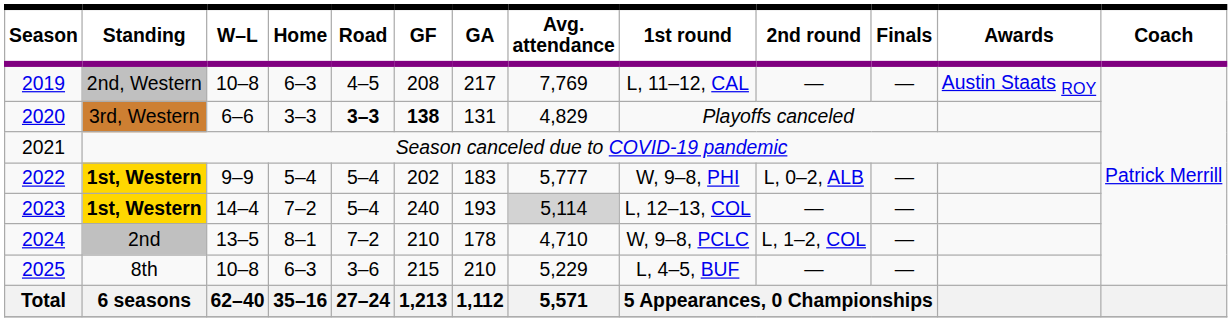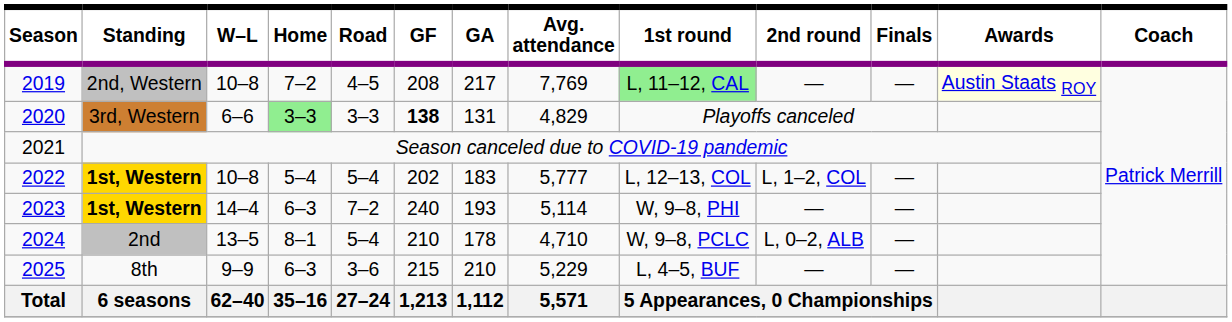 <table class="wikitable">
 <tr>
 <th style="background:#FFFFFF;border-top:black 5px solid;border-bottom:Purple 5px solid;">Season</th>
 <th style="background:#FFFFFF;border-top:black 5px solid;border-bottom:Purple 5px solid;">Standing</th>
 <th style="background:#FFFFFF;border-top:black 5px solid;border-bottom:Purple 5px solid;">W–L</th>
 <th style="background:#FFFFFF;border-top:black 5px solid;border-bottom:Purple 5px solid;">Home</th>
 <th style="background:#FFFFFF;border-top:black 5px solid;border-bottom:Purple 5px solid;">Road</th>
 <th style="background:#FFFFFF;border-top:black 5px solid;border-bottom:Purple 5px solid;">GF</th>
 <th style="background:#FFFFFF;border-top:black 5px solid;border-bottom:Purple 5px solid;">GA</th>
 <th style="background:#FFFFFF;border-top:black 5px solid;border-bottom:Purple 5px solid;">Avg.<br>attendance</th>
 <th style="background:#FFFFFF;border-top:black 5px solid;border-bottom:Purple 5px solid;">1st round</th>
 <th style="background:#FFFFFF;border-top:black 5px solid;border-bottom:Purple 5px solid;">2nd round</th>
 <th style="background:#FFFFFF;border-top:black 5px solid;border-bottom:Purple 5px solid;">Finals</th>
 <th style="background:#FFFFFF;border-top:black 5px solid;border-bottom:Purple 5px solid;">Awards</th>
 <th style="background:#FFFFFF;border-top:black 5px solid;border-bottom:Purple 5px solid;">Coach</th>
 </tr>
 <tr align="center">
 <td><a href='#'>2019</a></td>
 <td bgcolor="Silver">2nd, Western</td>
 <td>10–8</td>
-<td>6–3</td>
+<td>7–2</td>
 <td>4–5</td>
 <td>208</td>
 <td>217</td>
 <td>7,769</td>
-<td>L, 11–12, <a href='#'>CAL</a></td>
+<td style="background: lightgreen;">L, 11–12, <a href='#'>CAL</a></td>
 <td>—</td>
 <td>—</td>
-<td><a href='#'>Austin Staats</a> <sub><a href='#'>ROY</a></sub></td>
+<td style="background: lightyellow;"><a href='#'>Austin Staats</a> <sub><a href='#'>ROY</a></sub></td>
 <td rowspan="7"><a href='#'>Patrick Merrill</a></td>
 </tr>
 <tr align="center">
 <td><a href='#'>2020</a></td>
 <td bgcolor="CD7F32">3rd, Western</td>
 <td>6–6</td>
+<td style="background: lightgreen;">3–3</td>
 <td>3–3</td>
-<td><strong>3–3</strong></td>
 <td><strong>138</strong></td>
 <td>131</td>
 <td>4,829</td>
 <td colspan="3"><em>Playoffs canceled</em></td>
 <td></td>
 </tr>
 <tr align="center">
 <td>2021</td>
 <td colspan="11"><em>Season canceled due to <a href='#'>COVID-19 pandemic</a></em></td>
 </tr>
 <tr align="center">
 <td><a href='#'>2022</a></td>
 <td bgcolor="Gold"><strong>1st, Western</strong></td>
-<td>9–9</td>
+<td>10–8</td>
 <td>5–4</td>
 <td>5–4</td>
 <td>202</td>
 <td>183</td>
 <td>5,777</td>
-<td>W, 9–8, <a href='#'>PHI</a></td>
-<td>L, 0–2, <a href='#'>ALB</a></td>
+<td>L, 12–13, <a href='#'>COL</a></td>
+<td>L, 1–2, <a href='#'>COL</a></td>
 <td>—</td>
 <td></td>
 </tr>
 <tr align="center">
 <td><a href='#'>2023</a></td>
 <td bgcolor="Gold"><strong>1st, Western</strong></td>
 <td>14–4</td>
+<td>6–3</td>
 <td>7–2</td>
-<td>5–4</td>
 <td>240</td>
 <td>193</td>
-<td style="background: lightgrey;">5,114</td>
-<td>L, 12–13, <a href='#'>COL</a></td>
+<td>5,114</td>
+<td>W, 9–8, <a href='#'>PHI</a></td>
 <td>—</td>
 <td>—</td>
 <td></td>
 </tr>
 <tr align="center">
 <td><a href='#'>2024</a></td>
 <td bgcolor="silver">2nd</td>
 <td>13–5</td>
 <td>8–1</td>
-<td>7–2</td>
+<td>5–4</td>
 <td>210</td>
 <td>178</td>
 <td>4,710</td>
 <td>W, 9–8, <a href='#'>PCLC</a></td>
-<td>L, 1–2, <a href='#'>COL</a></td>
+<td>L, 0–2, <a href='#'>ALB</a></td>
 <td>—</td>
 </tr>
 <tr align="center">
 <td><a href='#'>2025</a></td>
 <td>8th</td>
-<td>10–8</td>
+<td>9–9</td>
 <td>6–3</td>
 <td>3–6</td>
 <td>215</td>
 <td>210</td>
 <td>5,229</td>
 <td>L, 4–5, <a href='#'>BUF</a></td>
 <td>—</td>
 <td>—</td>
 <td></td>
 </tr>
 <tr align="center">
 <th>Total</th>
 <th>6 seasons</th>
 <th>62–40</th>
 <th>35–16</th>
 <th>27–24</th>
 <th>1,213</th>
 <th>1,112</th>
 <th>5,571</th>
 <th colspan="3">5 Appearances, 0 Championships</th>
 <th></th>
 <th></th>
 </tr>
 <tr align="center">
 </tr>
 </table>
